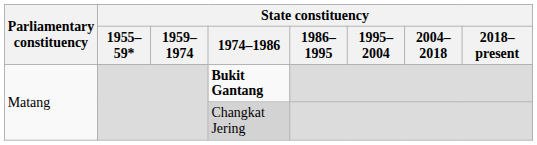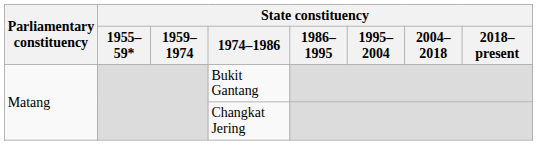 <table class="wikitable">
 <tr>
 <th rowspan="2">Parliamentary<br>constituency</th>
 <th colspan="7">State constituency</th>
 </tr>
 <tr>
 <th>1955–59*</th>
 <th>1959–1974</th>
 <th>1974–1986</th>
 <th>1986–1995</th>
 <th>1995–2004</th>
 <th>2004–2018</th>
 <th>2018–present</th>
 </tr>
 <tr>
 <td rowspan="2">Matang</td>
 <td colspan="2" rowspan="2" bgcolor="dcdcdc"></td>
-<td><strong>Bukit Gantang</strong></td>
+<td>Bukit Gantang</td>
 <td colspan="4" bgcolor="dcdcdc"></td>
 </tr>
 <tr>
-<td style="background: lightgrey;">Changkat Jering</td>
+<td>Changkat Jering</td>
 <td colspan="4" bgcolor="dcdcdc"></td>
 </tr>
 </table>
